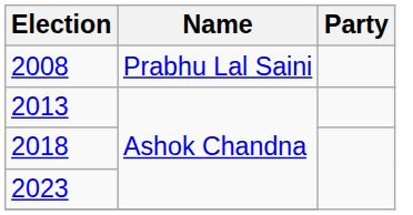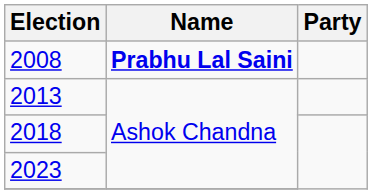 <table class="wikitable sortable">
 <tr>
 <th>Election</th>
 <th>Name</th>
 <th colspan=2>Party</th>
 </tr>
 <tr>
 <td><a href='#'>2008</a></td>
-<td><a href='#'>Prabhu Lal Saini</a></td>
+<td><strong><a href='#'>Prabhu Lal Saini</a></strong></td>
 <td></td>
 </tr>
 <tr>
 <td><a href='#'>2013</a></td>
 <td rowspan=3><a href='#'>Ashok Chandna</a></td>
 <td></td>
 </tr>
 <tr>
 <td><a href='#'>2018</a></td>
 </tr>
 <tr>
 <td><a href='#'>2023</a></td>
 </tr>
 <tr>
 </tr>
 </table>
